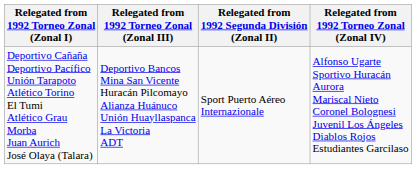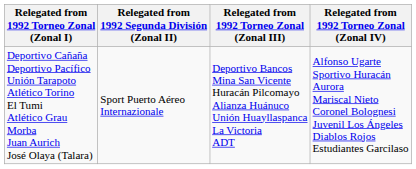 <table class="wikitable">
 <tr>
 <th>Relegated from<br><a href='#'>1992 Torneo Zonal</a><br>(Zonal I)</th>
+<th>Relegated from<br><a href='#'>1992 Segunda División</a><br>(Zonal II)</th>
 <th>Relegated from<br><a href='#'>1992 Torneo Zonal</a><br>(Zonal III)</th>
-<th>Relegated from<br><a href='#'>1992 Segunda División</a><br>(Zonal II)</th>
 <th>Relegated from<br><a href='#'>1992 Torneo Zonal</a><br>(Zonal IV)</th>
 </tr>
 <tr>
 <td> <a href='#'>Deportivo Cañaña</a> <br> <a href='#'>Deportivo Pacífico</a> <br> <a href='#'>Unión Tarapoto</a> <br> <a href='#'>Atlético Torino</a> <br> El Tumi <br> <a href='#'>Atlético Grau</a> <br> <a href='#'>Morba</a> <br> <a href='#'>Juan Aurich</a> <br> José Olaya (Talara) </td>
+<td> Sport Puerto Aéreo <br> <a href='#'>Internazionale</a> </td>
 <td> <a href='#'>Deportivo Bancos</a> <br> <a href='#'>Mina San Vicente</a> <br> Huracán Pilcomayo <br> <a href='#'>Alianza Huánuco</a> <br> <a href='#'>Unión Huayllaspanca</a> <br> <a href='#'>La Victoria</a> <br> <a href='#'>ADT</a> </td>
-<td> Sport Puerto Aéreo <br> <a href='#'>Internazionale</a> </td>
 <td> <a href='#'>Alfonso Ugarte</a> <br> <a href='#'>Sportivo Huracán</a> <br> <a href='#'>Aurora</a> <br> <a href='#'>Mariscal Nieto</a> <br> <a href='#'>Coronel Bolognesi</a> <br> <a href='#'>Juvenil Los Ángeles</a> <br> <a href='#'>Diablos Rojos</a> <br> Estudiantes Garcilaso </td>
 </tr>
 </table>
